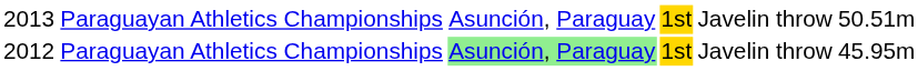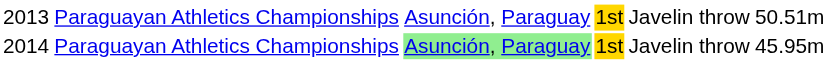 <table>
 <tr>
 <td>2013</td>
 <td><a href='#'>Paraguayan Athletics Championships</a></td>
 <td><a href='#'>Asunción</a>, <a href='#'>Paraguay</a></td>
 <td bgcolor="gold" align="center">1st</td>
 <td>Javelin throw</td>
 <td>50.51m</td>
 </tr>
 <tr>
-<td>2012</td>
+<td>2014</td>
 <td><a href='#'>Paraguayan Athletics Championships</a></td>
 <td style="background: lightgreen;"><a href='#'>Asunción</a>, <a href='#'>Paraguay</a></td>
 <td bgcolor="gold" align="center">1st</td>
 <td>Javelin throw</td>
 <td>45.95m</td>
 </tr>
 </table>
